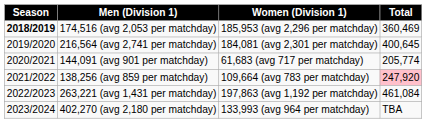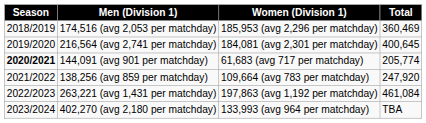 <table class="wikitable">
 <tr>
 <th style="color:white; background-color:black">Season</th>
 <th style="color:white; background-color:black">Men (Division 1)</th>
 <th style="color:white; background-color:black">Women (Division 1)</th>
 <th style="color:white; background-color:black">Total</th>
 </tr>
 <tr>
-<td><strong>2018/2019</strong></td>
+<td>2018/2019</td>
 <td>174,516 (avg 2,053 per matchday)</td>
 <td>185,953 (avg 2,296 per matchday)</td>
 <td>360,469 </td>
 </tr>
 <tr>
 <td>2019/2020</td>
 <td>216,564 (avg 2,741 per matchday)</td>
 <td>184,081 (avg 2,301 per matchday)</td>
 <td>400,645 </td>
 </tr>
 <tr>
-<td>2020/2021</td>
+<td><strong>2020/2021</strong></td>
 <td>144,091 (avg 901 per matchday)</td>
 <td>61,683 (avg 717 per matchday)</td>
 <td>205,774 </td>
 </tr>
 <tr>
 <td>2021/2022</td>
 <td>138,256 (avg 859 per matchday)</td>
 <td>109,664 (avg 783 per matchday)</td>
-<td style="background: pink;">247,920 </td>
+<td>247,920 </td>
 </tr>
 <tr>
 <td>2022/2023</td>
 <td>263,221  (avg 1,431 per matchday)</td>
 <td>197,863  (avg 1,192 per matchday)</td>
 <td>461,084 </td>
 </tr>
 <tr>
 <td>2023/2024</td>
 <td>402,270  (avg 2,180 per matchday)</td>
 <td>133,993  (avg 964 per matchday)</td>
 <td>TBA</td>
 </tr>
 </table>
